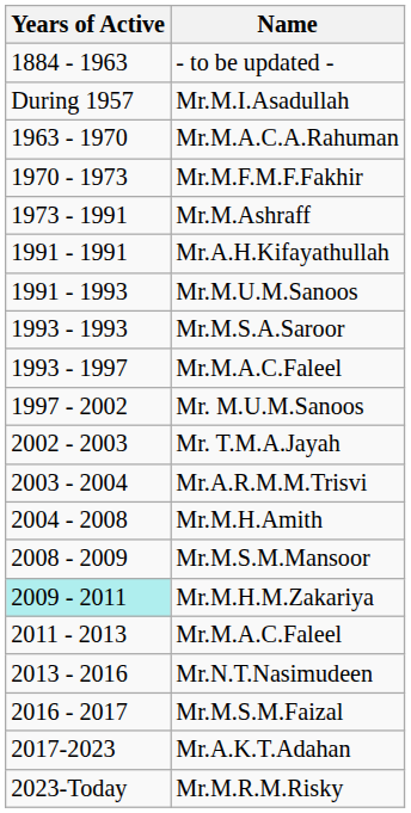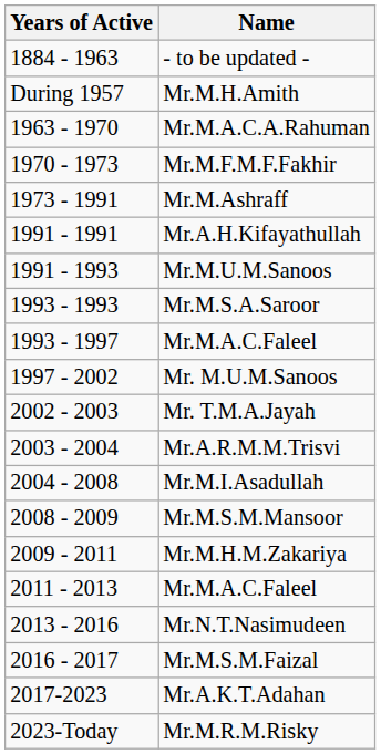 <table class="wikitable">
 <tr>
 <th>Years of Active</th>
 <th>Name</th>
 </tr>
 <tr>
 <td>1884 - 1963</td>
 <td>- to be updated -</td>
 </tr>
 <tr>
 <td>During 1957</td>
-<td>Mr.M.I.Asadullah</td>
+<td>Mr.M.H.Amith</td>
 </tr>
 <tr>
 <td>1963 - 1970</td>
 <td>Mr.M.A.C.A.Rahuman</td>
 </tr>
 <tr>
 <td>1970 - 1973</td>
 <td>Mr.M.F.M.F.Fakhir</td>
 </tr>
 <tr>
 <td>1973 - 1991</td>
 <td>Mr.M.Ashraff</td>
 </tr>
 <tr>
 <td>1991 - 1991</td>
 <td>Mr.A.H.Kifayathullah</td>
 </tr>
 <tr>
 <td>1991 - 1993</td>
 <td>Mr.M.U.M.Sanoos</td>
 </tr>
 <tr>
 <td>1993 - 1993</td>
 <td>Mr.M.S.A.Saroor</td>
 </tr>
 <tr>
 <td>1993 - 1997</td>
 <td>Mr.M.A.C.Faleel</td>
 </tr>
 <tr>
 <td>1997 - 2002</td>
 <td>Mr. M.U.M.Sanoos</td>
 </tr>
 <tr>
 <td>2002 - 2003</td>
 <td>Mr. T.M.A.Jayah</td>
 </tr>
 <tr>
 <td>2003 - 2004</td>
 <td>Mr.A.R.M.M.Trisvi</td>
 </tr>
 <tr>
 <td>2004 - 2008</td>
-<td>Mr.M.H.Amith</td>
+<td>Mr.M.I.Asadullah</td>
 </tr>
 <tr>
 <td>2008 - 2009</td>
 <td>Mr.M.S.M.Mansoor</td>
 </tr>
 <tr>
-<td style="background: paleturquoise;">2009 - 2011</td>
+<td>2009 - 2011</td>
 <td>Mr.M.H.M.Zakariya</td>
 </tr>
 <tr>
 <td>2011 - 2013</td>
 <td>Mr.M.A.C.Faleel</td>
 </tr>
 <tr>
 <td>2013 - 2016</td>
 <td>Mr.N.T.Nasimudeen</td>
 </tr>
 <tr>
 <td>2016 - 2017</td>
 <td>Mr.M.S.M.Faizal</td>
 </tr>
 <tr>
 <td>2017-2023</td>
 <td>Mr.A.K.T.Adahan</td>
 </tr>
 <tr>
 <td>2023-Today</td>
 <td>Mr.M.R.M.Risky</td>
 </tr>
 </table>
